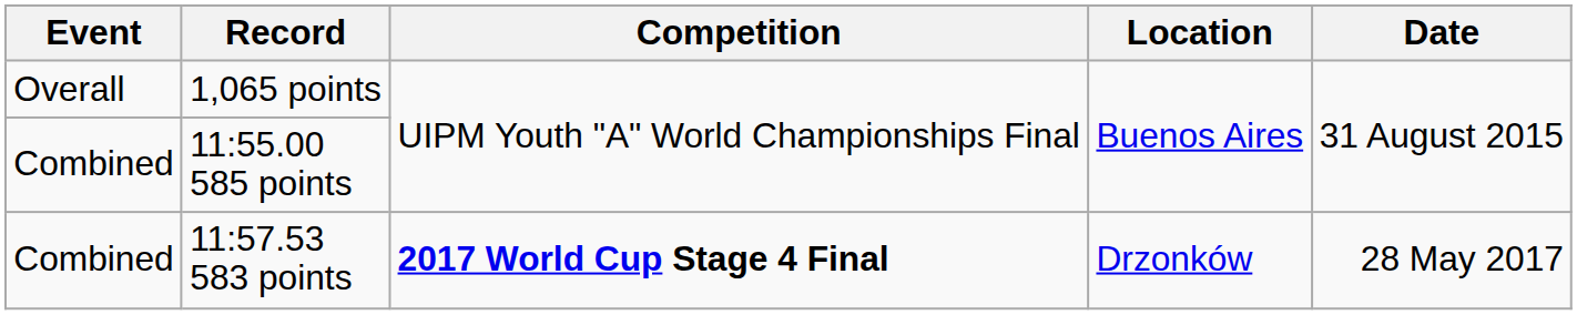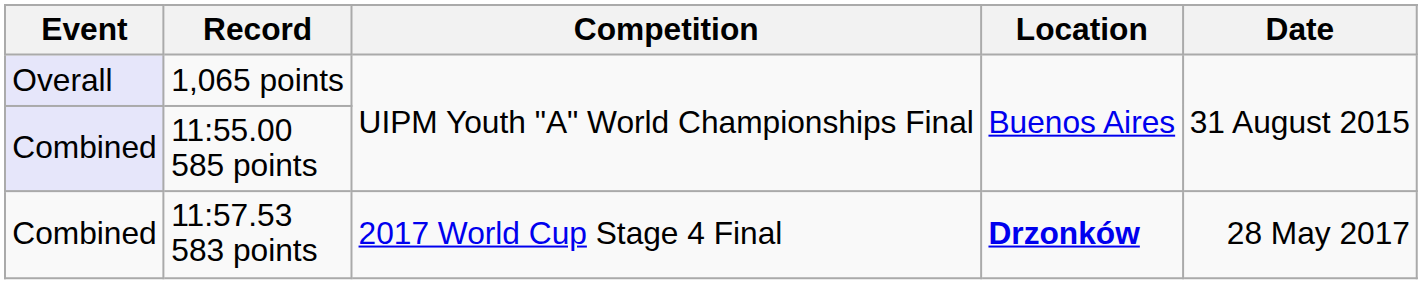 <table class=wikitable>
 <tr>
 </tr>
 <tr>
 <th>Event</th>
 <th>Record</th>
 <th>Competition</th>
 <th>Location</th>
 <th>Date</th>
 </tr>
 <tr>
-<td>Overall</td>
+<td style="background: lavender;">Overall</td>
 <td>1,065 points</td>
 <td rowspan=2>UIPM Youth "A" World Championships Final</td>
 <td rowspan=2> <a href='#'>Buenos Aires</a></td>
 <td rowspan=2 align=right>31 August 2015</td>
 </tr>
 <tr>
-<td>Combined</td>
+<td style="background: lavender;">Combined</td>
 <td>11:55.00<br>585 points</td>
 </tr>
 <tr>
 <td>Combined</td>
 <td>11:57.53<br>583 points</td>
-<td><strong><a href='#'>2017 World Cup</a> Stage 4 Final</strong></td>
-<td> <a href='#'>Drzonków</a></td>
+<td><a href='#'>2017 World Cup</a> Stage 4 Final</td>
+<td><strong> <a href='#'>Drzonków</a></strong></td>
 <td align=right>28 May 2017</td>
 </tr>
 </table>
